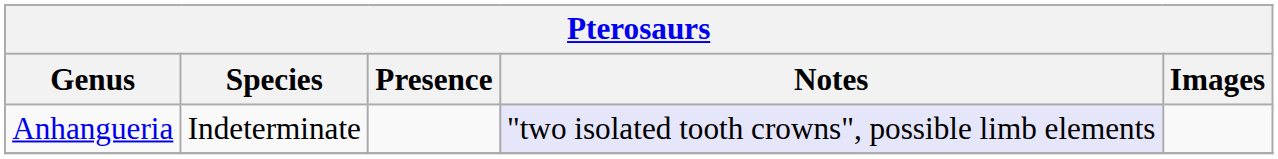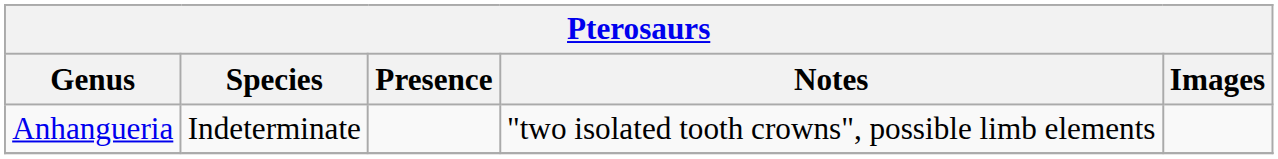 <table class="wikitable" align="center">
 <tr>
 <th colspan="5" align="center"><strong><a href='#'>Pterosaurs</a></strong></th>
 </tr>
 <tr>
 <th>Genus</th>
 <th>Species</th>
 <th>Presence</th>
 <th>Notes</th>
 <th>Images</th>
 </tr>
 <tr>
 <td><a href='#'>Anhangueria</a></td>
 <td>Indeterminate</td>
 <td></td>
-<td style="background: lavender;">"two isolated tooth crowns", possible limb elements</td>
+<td>"two isolated tooth crowns", possible limb elements</td>
 <td></td>
 </tr>
 <tr>
 </tr>
 </table>
